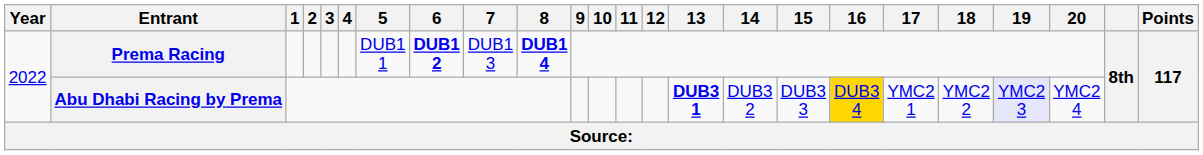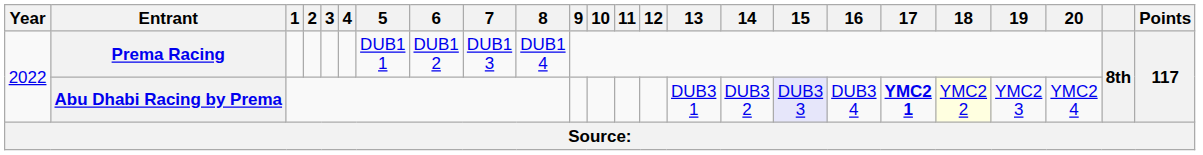 <table class="wikitable" style="text-align:center; font-size:85%;">
 <tr>
 <th>Year</th>
 <th>Entrant</th>
 <th>1</th>
 <th>2</th>
 <th>3</th>
 <th>4</th>
 <th>5</th>
 <th>6</th>
 <th>7</th>
 <th>8</th>
 <th>9</th>
 <th>10</th>
 <th>11</th>
 <th>12</th>
 <th>13</th>
 <th>14</th>
 <th>15</th>
 <th>16</th>
 <th>17</th>
 <th>18</th>
 <th>19</th>
 <th>20</th>
 <th></th>
 <th>Points</th>
 </tr>
 <tr>
 <td id=2022R rowspan="2"><a href='#'>2022</a></td>
 <th nowrap><a href='#'>Prema Racing</a></th>
 <td></td>
 <td></td>
 <td></td>
 <td></td>
 <td><a href='#'>DUB1<br>1</a></td>
-<td><strong><a href='#'>DUB1<br>2</a></strong></td>
+<td><a href='#'>DUB1<br>2</a></td>
 <td><a href='#'>DUB1<br>3</a></td>
-<td><strong><a href='#'>DUB1<br>4</a></strong></td>
+<td><a href='#'>DUB1<br>4</a></td>
 <td colspan="12"></td>
 <th rowspan="2">8th</th>
 <th rowspan="2">117</th>
 </tr>
 <tr>
 <th nowrap><a href='#'>Abu Dhabi Racing by Prema</a></th>
 <td colspan="8"></td>
 <td></td>
 <td></td>
 <td></td>
 <td></td>
-<td><strong><a href='#'>DUB3<br>1</a></strong></td>
+<td><a href='#'>DUB3<br>1</a></td>
 <td><a href='#'>DUB3<br>2</a></td>
-<td><a href='#'>DUB3<br>3</a></td>
-<td style="background: gold;"><a href='#'>DUB3<br>4</a></td>
-<td><a href='#'>YMC2<br>1</a></td>
-<td><a href='#'>YMC2<br>2</a></td>
-<td style="background: lavender;"><a href='#'>YMC2<br>3</a></td>
+<td style="background: lavender;"><a href='#'>DUB3<br>3</a></td>
+<td><a href='#'>DUB3<br>4</a></td>
+<td><strong><a href='#'>YMC2<br>1</a></strong></td>
+<td style="background: lightyellow;"><a href='#'>YMC2<br>2</a></td>
+<td><a href='#'>YMC2<br>3</a></td>
 <td><a href='#'>YMC2<br>4</a></td>
 </tr>
 <tr>
 <th colspan="100">Source:</th>
 </tr>
 </table>
